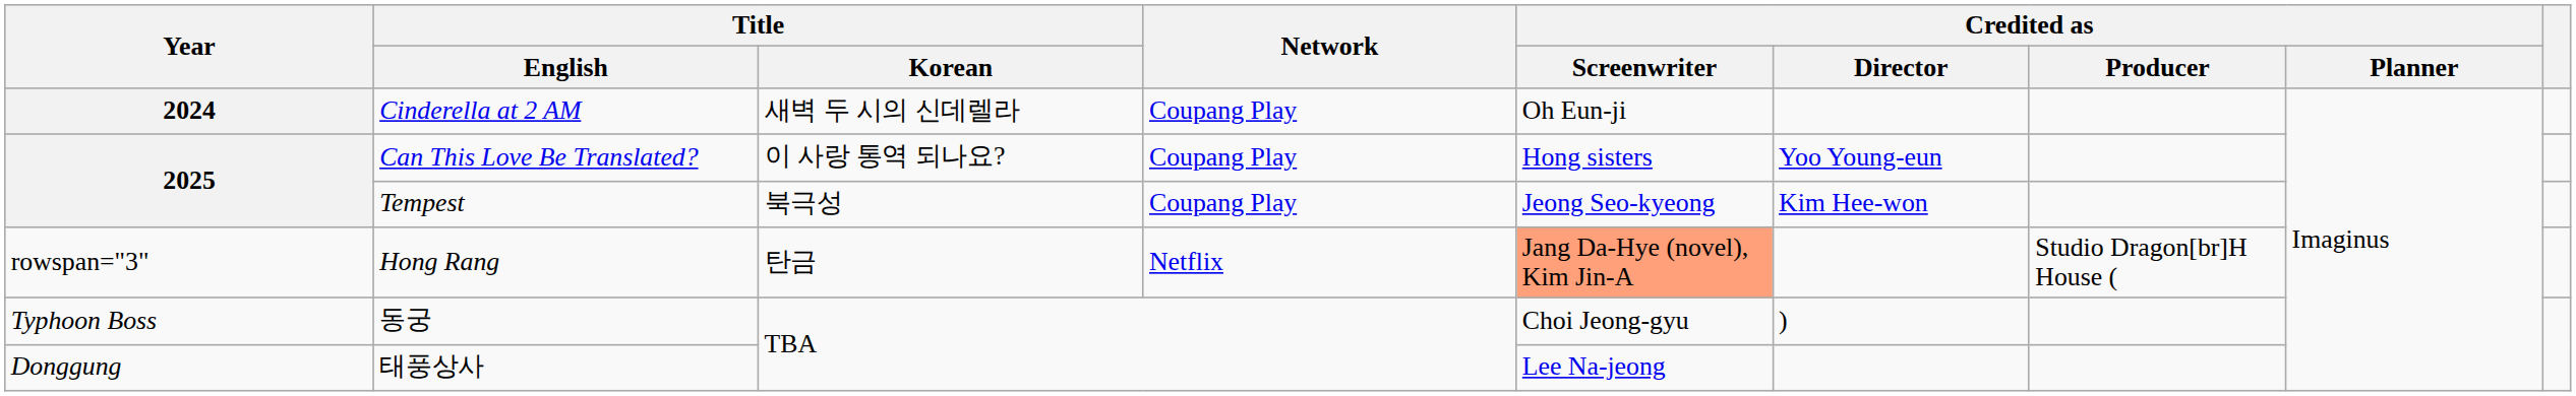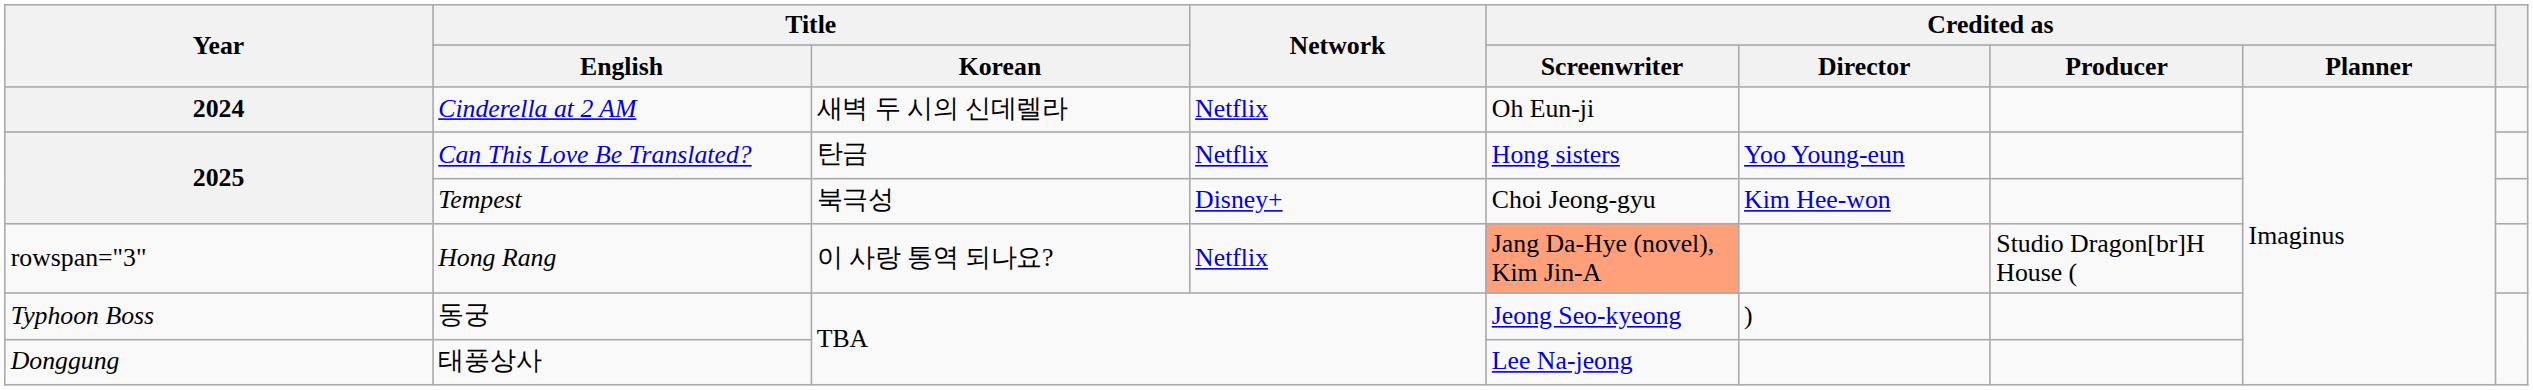 <table class="wikitable sortable plainrowheaders">
 <tr>
 <th rowspan="2">Year</th>
 <th colspan="2">Title</th>
 <th rowspan="2">Network</th>
 <th colspan="4">Credited as</th>
 <th rowspan="2" class="unsortable"></th>
 </tr>
 <tr>
 <th width="15%">English</th>
 <th width="15%">Korean</th>
 <th width="10%">Screenwriter</th>
 <th width="10%">Director</th>
 <th width="10%">Producer</th>
 <th width="10%">Planner</th>
 </tr>
 <tr>
 <th scope="row">2024</th>
 <td><em><a href='#'>Cinderella at 2 AM</a></em></td>
 <td>새벽 두 시의 신데렐라</td>
-<td><a href='#'>Coupang Play</a></td>
+<td><a href='#'>Netflix</a></td>
 <td>Oh Eun-ji</td>
 <td></td>
 <td></td>
 <td rowspan="6">Imaginus</td>
 <td></td>
 </tr>
 <tr>
 <th scope="row" rowspan="2">2025</th>
 <td><em><a href='#'>Can This Love Be Translated?</a></em></td>
-<td>이 사랑 통역 되나요?</td>
-<td><a href='#'>Coupang Play</a></td>
+<td>탄금</td>
+<td><a href='#'>Netflix</a></td>
 <td><a href='#'>Hong sisters</a></td>
 <td><a href='#'>Yoo Young-eun</a></td>
 <td></td>
 <td><br></td>
 </tr>
 <tr>
 <td><em>Tempest</em></td>
 <td>북극성</td>
-<td><a href='#'>Coupang Play</a></td>
-<td><a href='#'>Jeong Seo-kyeong</a></td>
+<td><a href='#'>Disney+</a></td>
+<td>Choi Jeong-gyu</td>
 <td><a href='#'>Kim Hee-won</a></td>
 <td></td>
 <td><br></td>
 </tr>
 <tr>
 <td>rowspan="3" </td>
 <td><em>Hong Rang</em></td>
-<td>탄금</td>
+<td>이 사랑 통역 되나요?</td>
 <td><a href='#'>Netflix</a></td>
 <td style="background: lightsalmon;">Jang Da-Hye (novel), Kim Jin-A</td>
 <td></td>
 <td>Studio Dragon[br]H House (</td>
 <td></td>
 </tr>
 <tr>
 <td><em>Typhoon Boss</em></td>
 <td>동궁</td>
 <td colspan="2" rowspan="2">TBA</td>
-<td>Choi Jeong-gyu</td>
+<td><a href='#'>Jeong Seo-kyeong</a></td>
 <td>)</td>
 <td></td>
 </tr>
 <tr>
 <td><em>Donggung</em></td>
 <td>태풍상사</td>
 <td><a href='#'>Lee Na-jeong</a></td>
 <td></td>
 <td></td>
 </tr>
 </table>
